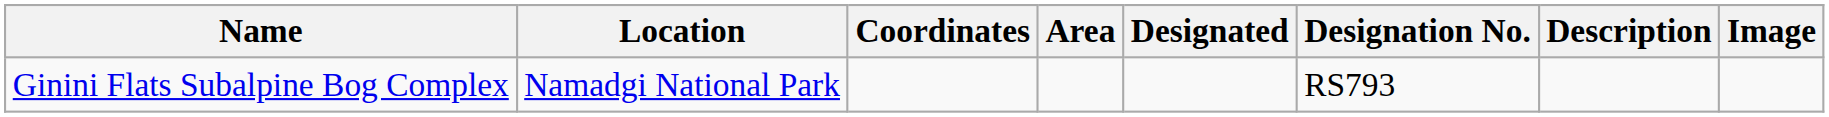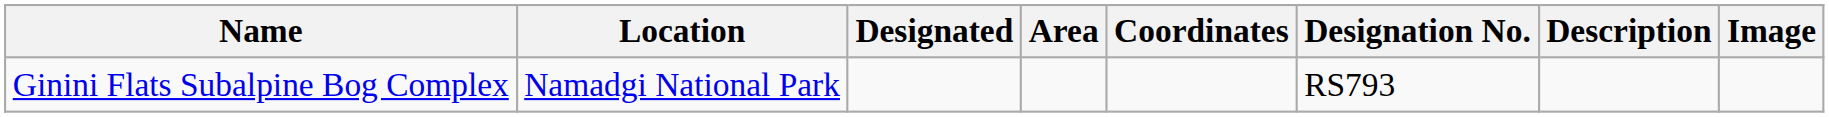 <table class="wikitable sortable">
 <tr>
 <th style="background-color:">Name</th>
 <th style="background-color:">Location</th>
+<th style="background-color:">Designated</th>
+<th style="background-color:">Area</th>
 <th style="background-color:">Coordinates</th>
-<th style="background-color:">Area</th>
-<th style="background-color:">Designated</th>
 <th style="background-color:">Designation No.</th>
 <th style="background-color:">Description</th>
 <th style="background-color:">Image</th>
 </tr>
 <tr>
 <td><a href='#'>Ginini Flats Subalpine Bog Complex</a></td>
 <td><a href='#'>Namadgi National Park</a></td>
 <td></td>
 <td></td>
 <td></td>
 <td>RS793</td>
 <td></td>
 <td></td>
 </tr>
 </table>
